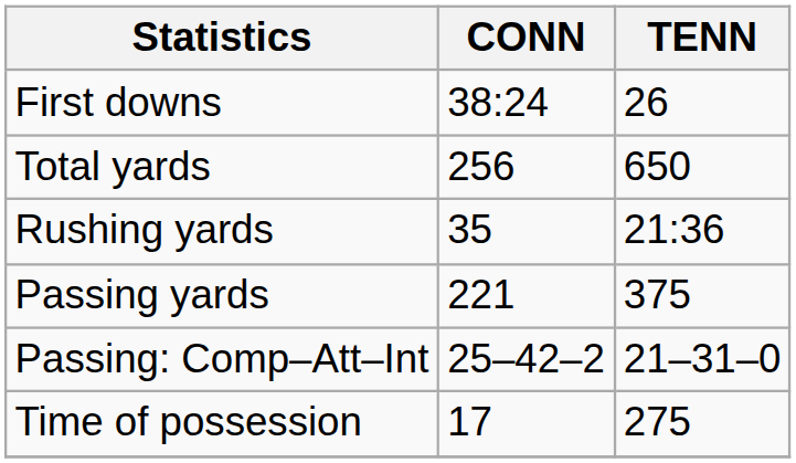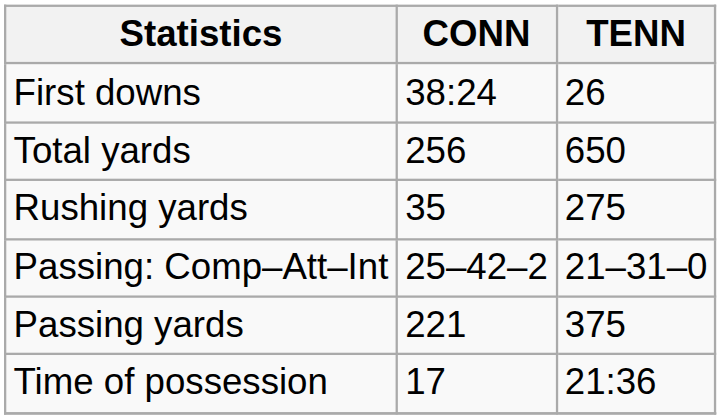 <table class="wikitable" style="float: left;">
 <tr>
 <th>Statistics</th>
 <th>CONN</th>
 <th>TENN</th>
 </tr>
 <tr>
 <td>First downs</td>
 <td>38:24</td>
 <td>26</td>
 </tr>
 <tr>
 <td>Total yards</td>
 <td>256</td>
 <td>650</td>
 </tr>
 <tr>
 <td>Rushing yards</td>
 <td>35</td>
-<td>21:36</td>
+<td>275</td>
+</tr>
+<tr>
+<td>Passing: Comp–Att–Int</td>
+<td>25–42–2</td>
+<td>21–31–0</td>
 </tr>
 <tr>
 <td>Passing yards</td>
 <td>221</td>
 <td>375</td>
 </tr>
 <tr>
-<td>Passing: Comp–Att–Int</td>
-<td>25–42–2</td>
-<td>21–31–0</td>
-</tr>
-<tr>
 <td>Time of possession</td>
 <td>17</td>
-<td>275</td>
+<td>21:36</td>
 </tr>
 <tr>
 </tr>
 </table>
